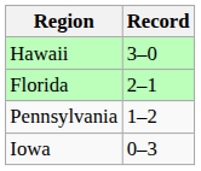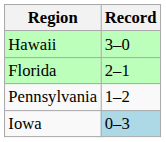 <table class="wikitable">
 <tr>
 <th>Region</th>
 <th>Record</th>
 </tr>
 <tr bgcolor=#bbffbb>
 <td> Hawaii</td>
 <td>3–0</td>
 </tr>
 <tr bgcolor=#bbffbb>
 <td> Florida</td>
 <td>2–1</td>
 </tr>
 <tr>
 <td> Pennsylvania</td>
 <td>1–2</td>
 </tr>
 <tr>
 <td> Iowa</td>
-<td>0–3</td>
+<td style="background: lightblue;">0–3</td>
 </tr>
 </table>
